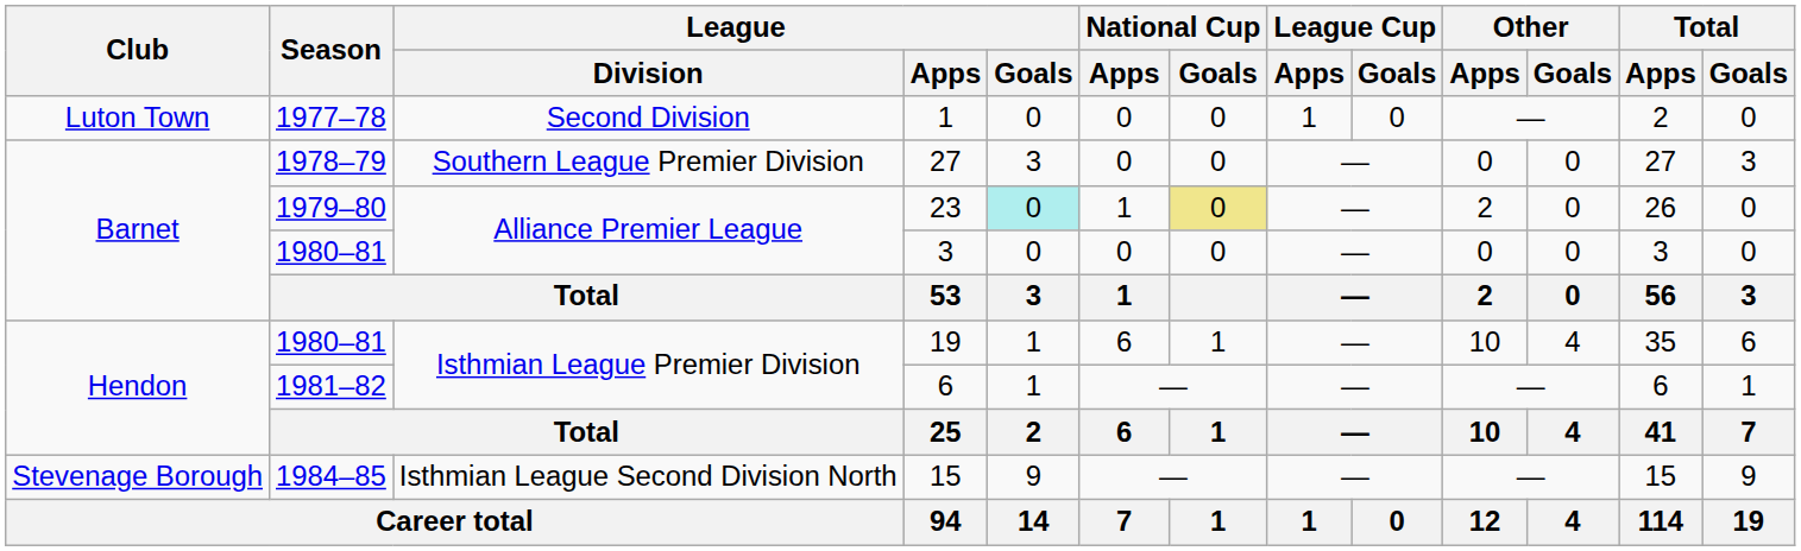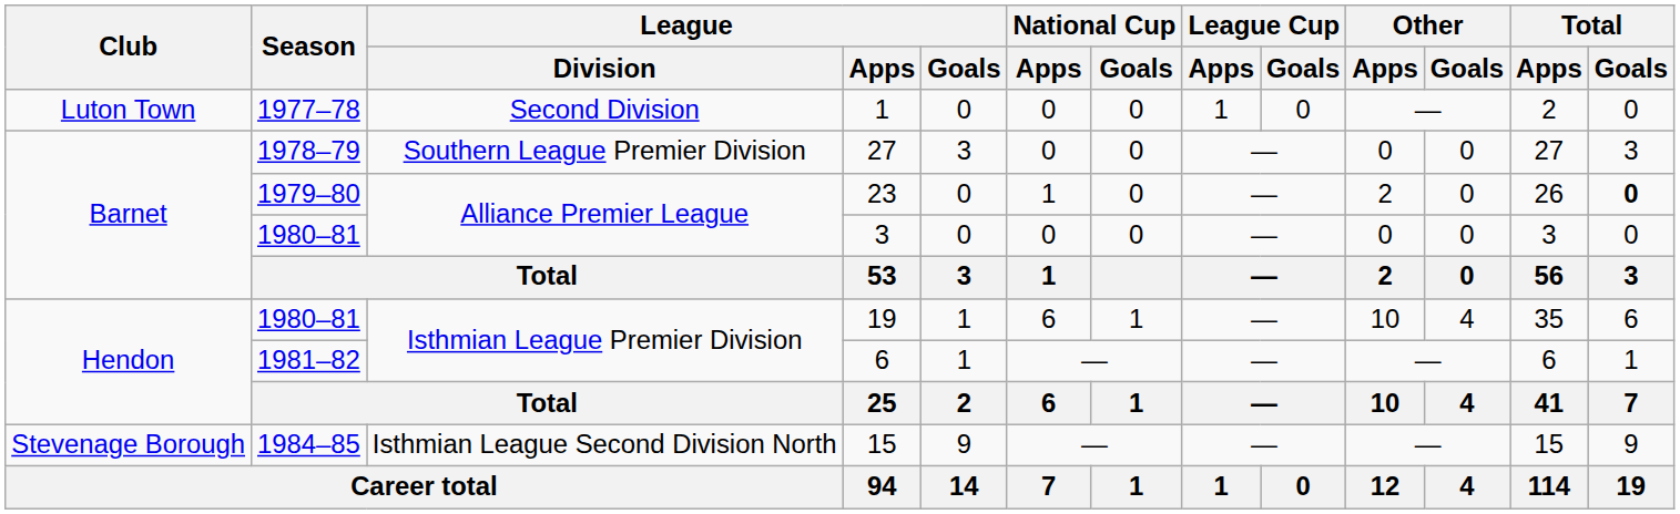 <table class="wikitable" style="text-align: center">
 <tr>
 <th rowspan="2">Club</th>
 <th rowspan="2">Season</th>
 <th colspan="3">League</th>
 <th colspan="2">National Cup</th>
 <th colspan="2">League Cup</th>
 <th colspan="2">Other</th>
 <th colspan="2">Total</th>
 </tr>
 <tr>
 <th>Division</th>
 <th>Apps</th>
 <th>Goals</th>
 <th>Apps</th>
 <th>Goals</th>
 <th>Apps</th>
 <th>Goals</th>
 <th>Apps</th>
 <th>Goals</th>
 <th>Apps</th>
 <th>Goals</th>
 </tr>
 <tr>
 <td><a href='#'>Luton Town</a></td>
 <td><a href='#'>1977–78</a></td>
 <td><a href='#'>Second Division</a></td>
 <td>1</td>
 <td>0</td>
 <td>0</td>
 <td>0</td>
 <td>1</td>
 <td>0</td>
 <td colspan="2">―</td>
 <td>2</td>
 <td>0</td>
 </tr>
 <tr>
 <td rowspan="4"><a href='#'>Barnet</a></td>
 <td><a href='#'>1978–79</a></td>
 <td><a href='#'>Southern League</a> Premier Division</td>
 <td>27</td>
 <td>3</td>
 <td>0</td>
 <td>0</td>
 <td colspan="2">―</td>
 <td>0</td>
 <td>0</td>
 <td>27</td>
 <td>3</td>
 </tr>
 <tr>
 <td><a href='#'>1979–80</a></td>
 <td rowspan="2"><a href='#'>Alliance Premier League</a></td>
 <td>23</td>
-<td style="background: paleturquoise;">0</td>
+<td>0</td>
 <td>1</td>
-<td style="background: khaki;">0</td>
+<td>0</td>
 <td colspan="2">―</td>
 <td>2</td>
 <td>0</td>
 <td>26</td>
-<td>0</td>
+<td><strong>0</strong></td>
 </tr>
 <tr>
 <td><a href='#'>1980–81</a></td>
 <td>3</td>
 <td>0</td>
 <td>0</td>
 <td>0</td>
 <td colspan="2">―</td>
 <td>0</td>
 <td>0</td>
 <td>3</td>
 <td>0</td>
 </tr>
 <tr>
 <th colspan="2">Total</th>
 <th>53</th>
 <th>3</th>
 <th>1</th>
 <th></th>
 <th colspan="2">―</th>
 <th>2</th>
 <th>0</th>
 <th>56</th>
 <th>3</th>
 </tr>
 <tr>
 <td rowspan="3"><a href='#'>Hendon</a></td>
 <td><a href='#'>1980–81</a></td>
 <td rowspan="2"><a href='#'>Isthmian League</a> Premier Division</td>
 <td>19</td>
 <td>1</td>
 <td>6</td>
 <td>1</td>
 <td colspan="2">―</td>
 <td>10</td>
 <td>4</td>
 <td>35</td>
 <td>6</td>
 </tr>
 <tr>
 <td><a href='#'>1981–82</a></td>
 <td>6</td>
 <td>1</td>
 <td colspan="2">―</td>
 <td colspan="2">―</td>
 <td colspan="2">―</td>
 <td>6</td>
 <td>1</td>
 </tr>
 <tr>
 <th colspan="2">Total</th>
 <th>25</th>
 <th>2</th>
 <th>6</th>
 <th>1</th>
 <th colspan="2">―</th>
 <th>10</th>
 <th>4</th>
 <th>41</th>
 <th>7</th>
 </tr>
 <tr>
 <td><a href='#'>Stevenage Borough</a></td>
 <td><a href='#'>1984–85</a></td>
 <td>Isthmian League Second Division North</td>
 <td>15</td>
 <td>9</td>
 <td colspan="2">―</td>
 <td colspan="2">―</td>
 <td colspan="2">―</td>
 <td>15</td>
 <td>9</td>
 </tr>
 <tr>
 <th colspan="3">Career total</th>
 <th>94</th>
 <th>14</th>
 <th>7</th>
 <th>1</th>
 <th>1</th>
 <th>0</th>
 <th>12</th>
 <th>4</th>
 <th>114</th>
 <th>19</th>
 </tr>
 </table>
